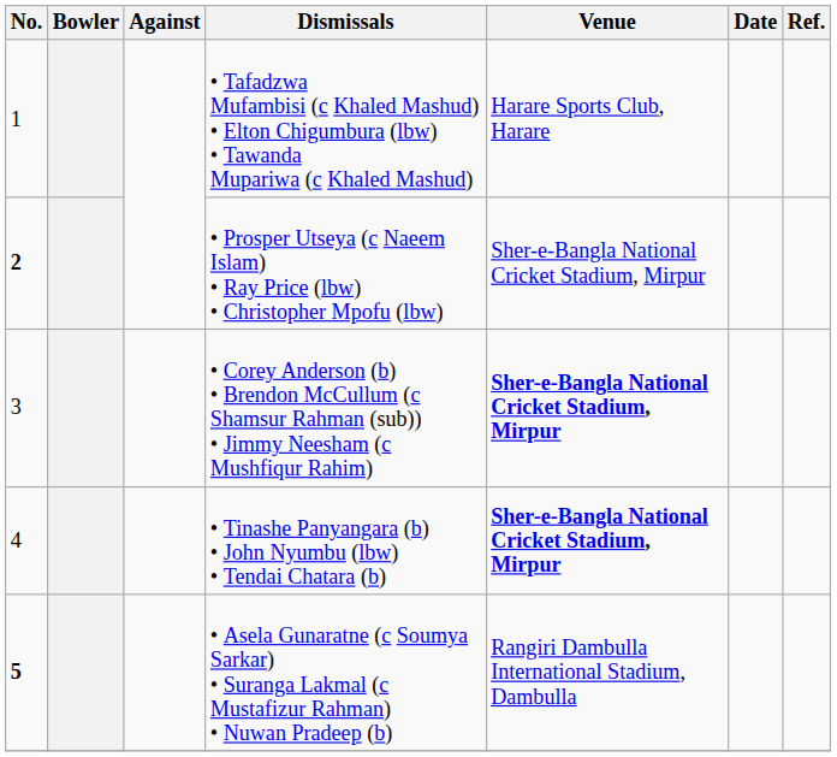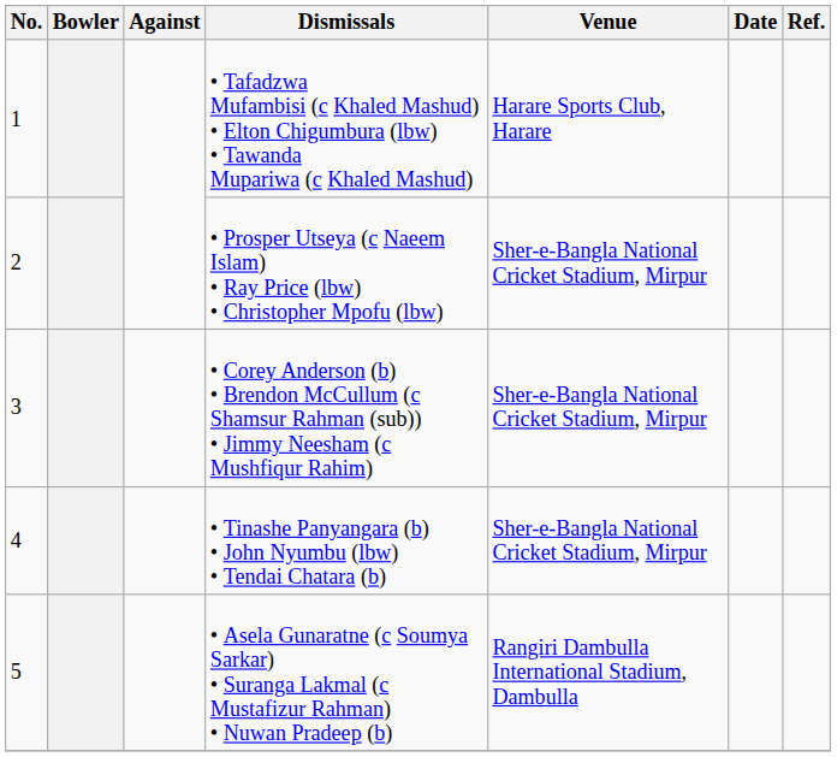 <table class="wikitable sortable plainrowheaders" style="font-size: 100%">
 <tr>
 <th scope="col">No.</th>
 <th scope="col">Bowler</th>
 <th scope="col">Against</th>
 <th scope="col">Dismissals</th>
 <th scope="col">Venue</th>
 <th scope="col">Date</th>
 <th scope="col" class="unsortable">Ref.</th>
 </tr>
 <tr>
 <td>1</td>
 <th scope="row"></th>
 <td rowspan=2></td>
 <td><br>• <a href='#'>Tafadzwa Mufambisi</a> (<a href='#'>c</a> <a href='#'>Khaled Mashud</a>)<br> • <a href='#'>Elton Chigumbura</a> (<a href='#'>lbw</a>)<br> • <a href='#'>Tawanda Mupariwa</a> (<a href='#'>c</a> <a href='#'>Khaled Mashud</a>)</td>
 <td> <a href='#'>Harare Sports Club</a>, <a href='#'>Harare</a></td>
 <td></td>
 <td></td>
 </tr>
 <tr>
-<td><strong>2</strong></td>
+<td>2</td>
 <th scope="row"></th>
 <td><br>• <a href='#'>Prosper Utseya</a> (<a href='#'>c</a> <a href='#'>Naeem Islam</a>)<br> • <a href='#'>Ray Price</a> (<a href='#'>lbw</a>)<br> • <a href='#'>Christopher Mpofu</a> (<a href='#'>lbw</a>)</td>
 <td> <a href='#'>Sher-e-Bangla National Cricket Stadium</a>, <a href='#'>Mirpur</a></td>
 <td></td>
 <td></td>
 </tr>
 <tr>
 <td>3</td>
 <th scope="row"></th>
 <td></td>
 <td><br>• <a href='#'>Corey Anderson</a> (<a href='#'>b</a>)<br> • <a href='#'>Brendon McCullum</a> (<a href='#'>c</a> <a href='#'>Shamsur Rahman</a> (sub))<br> • <a href='#'>Jimmy Neesham</a> (<a href='#'>c</a> <a href='#'>Mushfiqur Rahim</a>)</td>
-<td><strong> <a href='#'>Sher-e-Bangla National Cricket Stadium</a>, <a href='#'>Mirpur</a></strong></td>
+<td> <a href='#'>Sher-e-Bangla National Cricket Stadium</a>, <a href='#'>Mirpur</a></td>
 <td></td>
 <td></td>
 </tr>
 <tr>
 <td>4</td>
 <th scope="row"></th>
 <td></td>
 <td><br>• <a href='#'>Tinashe Panyangara</a> (<a href='#'>b</a>)<br> • <a href='#'>John Nyumbu</a> (<a href='#'>lbw</a>)<br> • <a href='#'>Tendai Chatara</a> (<a href='#'>b</a>)</td>
-<td><strong> <a href='#'>Sher-e-Bangla National Cricket Stadium</a>, <a href='#'>Mirpur</a></strong></td>
+<td> <a href='#'>Sher-e-Bangla National Cricket Stadium</a>, <a href='#'>Mirpur</a></td>
 <td></td>
 <td></td>
 </tr>
 <tr>
-<td><strong>5</strong></td>
+<td>5</td>
 <th scope="row"></th>
 <td></td>
 <td><br>• <a href='#'>Asela Gunaratne</a> (<a href='#'>c</a> <a href='#'>Soumya Sarkar</a>)<br> • <a href='#'>Suranga Lakmal</a> (<a href='#'>c</a> <a href='#'>Mustafizur Rahman</a>)<br> • <a href='#'>Nuwan Pradeep</a> (<a href='#'>b</a>)</td>
 <td> <a href='#'>Rangiri Dambulla International Stadium</a>, <a href='#'>Dambulla</a></td>
 <td></td>
 <td></td>
 </tr>
 <tr>
 </tr>
 </table>
